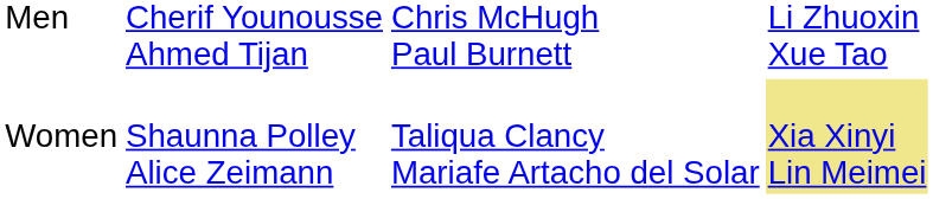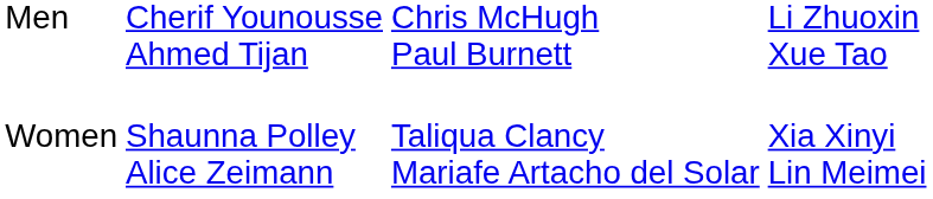 <table>
 <tr>
 <td>Men</td>
 <td><br><a href='#'>Cherif Younousse</a><br><a href='#'>Ahmed Tijan</a></td>
 <td><br><a href='#'>Chris McHugh</a><br><a href='#'>Paul Burnett</a></td>
 <td><br><a href='#'>Li Zhuoxin</a><br><a href='#'>Xue Tao</a></td>
 </tr>
 <tr>
 <td>Women</td>
 <td><br><a href='#'>Shaunna Polley</a><br><a href='#'>Alice Zeimann</a></td>
 <td><br><a href='#'>Taliqua Clancy</a><br><a href='#'>Mariafe Artacho del Solar</a></td>
-<td style="background: khaki;"><br><a href='#'>Xia Xinyi</a><br><a href='#'>Lin Meimei</a></td>
+<td><br><a href='#'>Xia Xinyi</a><br><a href='#'>Lin Meimei</a></td>
 </tr>
 </table>
